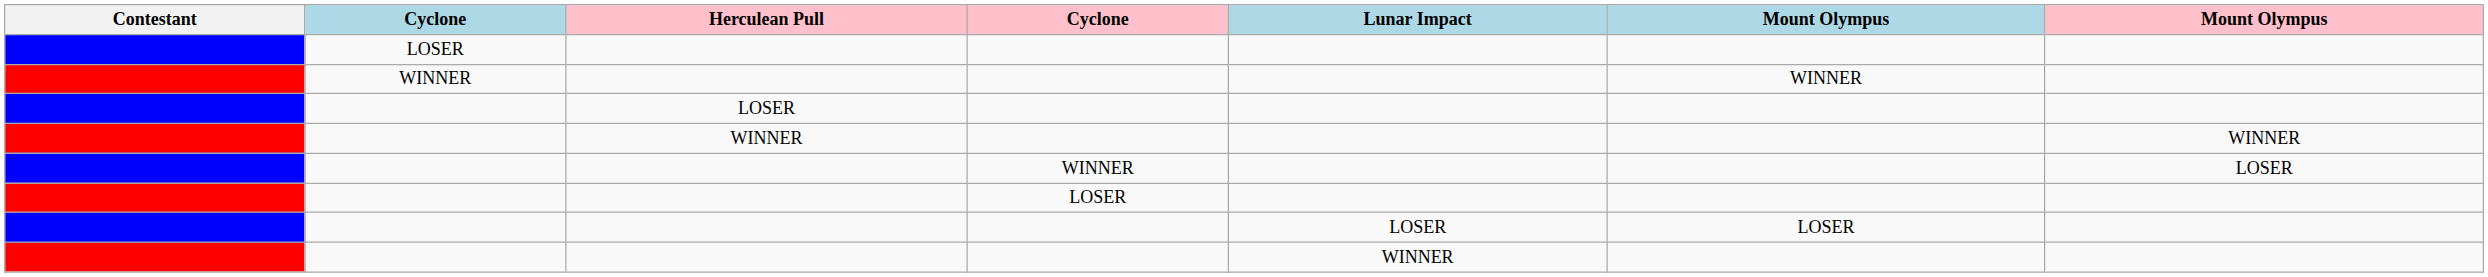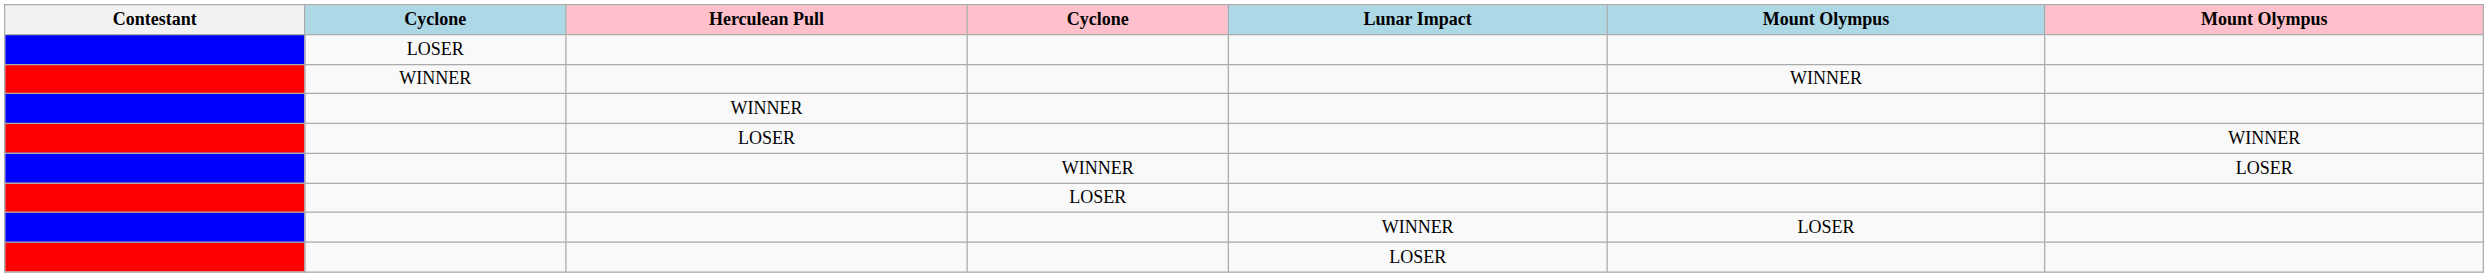 <table class="wikitable" style="text-align:center; font-size:90%; width:100%">
 <tr>
 <th colspan="2">Contestant</th>
 <th style="background:lightblue;">Cyclone</th>
 <th style="background:pink;">Herculean Pull</th>
 <th style="background:pink;">Cyclone</th>
 <th style="background:lightblue;">Lunar Impact</th>
 <th style="background:lightblue;">Mount Olympus</th>
 <th style="background:pink;">Mount Olympus</th>
 </tr>
 <tr>
 <td style="background:blue;" colspan="2"></td>
 <td>LOSER</td>
 <td></td>
 <td></td>
 <td></td>
 <td></td>
 <td></td>
 </tr>
 <tr>
 <td style="background:red;" colspan="2"></td>
 <td>WINNER</td>
 <td></td>
 <td></td>
 <td></td>
 <td>WINNER</td>
 <td></td>
 </tr>
 <tr>
 <td style="background:blue;" colspan="2"></td>
 <td></td>
-<td>LOSER</td>
+<td>WINNER</td>
 <td></td>
 <td></td>
 <td></td>
 <td></td>
 </tr>
 <tr>
 <td style="background:red;" colspan="2"></td>
 <td></td>
-<td>WINNER</td>
+<td>LOSER</td>
 <td></td>
 <td></td>
 <td></td>
 <td>WINNER</td>
 </tr>
 <tr>
 <td style="background:blue;" colspan="2"></td>
 <td></td>
 <td></td>
 <td>WINNER</td>
 <td></td>
 <td></td>
 <td>LOSER</td>
 </tr>
 <tr>
 <td style="background:red;" colspan="2"></td>
 <td></td>
 <td></td>
 <td>LOSER</td>
 <td></td>
 <td></td>
 <td></td>
 </tr>
 <tr>
 <td style="background:blue;" colspan="2"></td>
 <td></td>
 <td></td>
 <td></td>
-<td>LOSER</td>
+<td>WINNER</td>
 <td>LOSER</td>
 <td></td>
 </tr>
 <tr>
 <td style="background:red;" colspan="2"></td>
 <td></td>
 <td></td>
 <td></td>
-<td>WINNER</td>
+<td>LOSER</td>
 <td></td>
 <td></td>
 </tr>
 </table>
